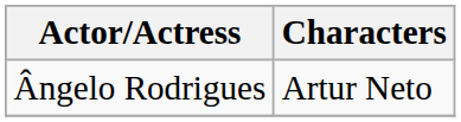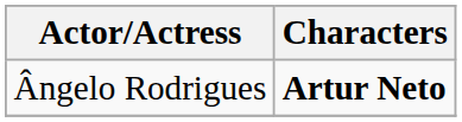 <table class="wikitable">
 <tr>
 <th>Actor/Actress</th>
 <th>Characters</th>
 </tr>
 <tr>
 <td>Ângelo Rodrigues</td>
-<td>Artur Neto</td>
+<td><strong>Artur Neto</strong></td>
 </tr>
 <tr>
 </tr>
 </table>
